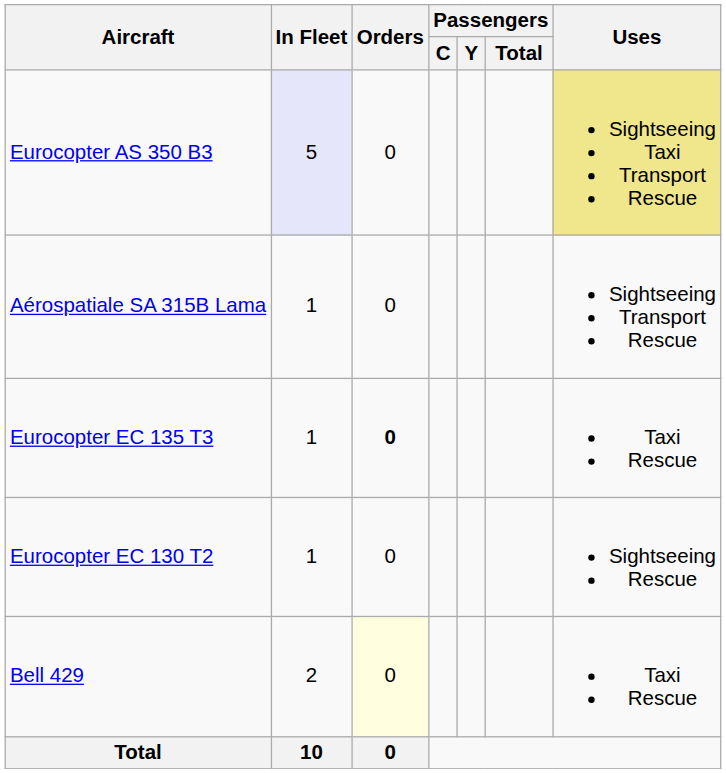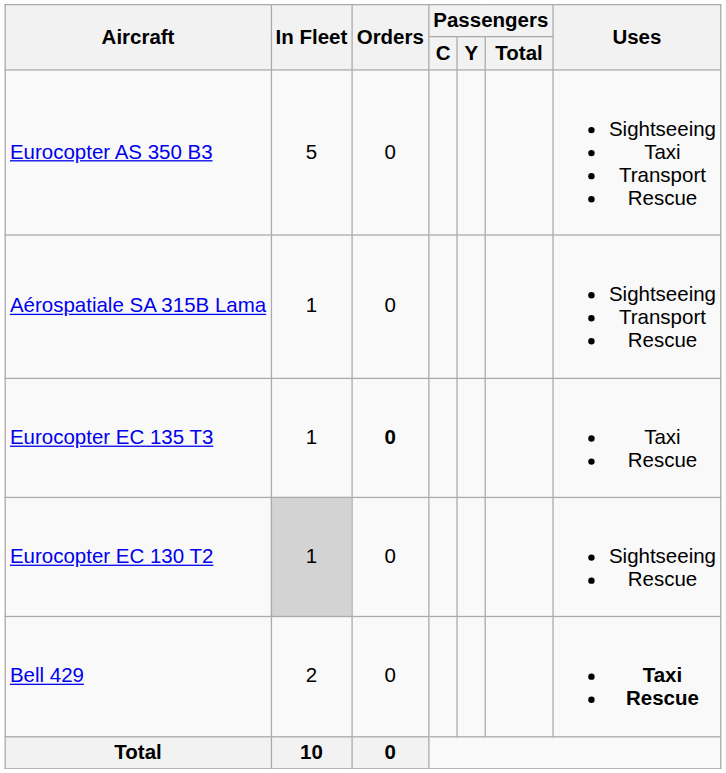 <table class="wikitable" style="margin:1em auto; border-collapse:collapse; text-align: center">
 <tr>
 <th rowspan=2>Aircraft</th>
 <th rowspan=2>In Fleet</th>
 <th rowspan=2>Orders</th>
 <th colspan=3>Passengers</th>
 <th rowspan=2>Uses</th>
 </tr>
 <tr>
 <th><abbr>C</abbr></th>
 <th><abbr>Y</abbr></th>
 <th>Total</th>
 </tr>
 <tr>
 <td align=left><a href='#'>Eurocopter AS 350 B3</a></td>
-<td style="background: lavender;">5</td>
+<td>5</td>
 <td>0</td>
 <td></td>
 <td></td>
 <td></td>
-<td style="background: khaki;"><br><ul><li>Sightseeing</li><li>Taxi</li><li>Transport</li><li>Rescue</li></ul></td>
+<td><br><ul><li>Sightseeing</li><li>Taxi</li><li>Transport</li><li>Rescue</li></ul></td>
 </tr>
 <tr>
 <td align=left><a href='#'>Aérospatiale SA 315B Lama</a></td>
 <td>1</td>
 <td>0</td>
 <td></td>
 <td></td>
 <td></td>
 <td><br><ul><li>Sightseeing</li><li>Transport</li><li>Rescue</li></ul></td>
 </tr>
 <tr>
 <td align=left><a href='#'>Eurocopter EC 135 T3</a></td>
 <td>1</td>
 <td><strong>0</strong></td>
 <td></td>
 <td></td>
 <td></td>
 <td><br><ul><li>Taxi</li><li>Rescue</li></ul></td>
 </tr>
 <tr>
 <td align=left><a href='#'>Eurocopter EC 130 T2</a></td>
-<td>1</td>
+<td style="background: lightgrey;">1</td>
 <td>0</td>
 <td></td>
 <td></td>
 <td></td>
 <td><br><ul><li>Sightseeing</li><li>Rescue</li></ul></td>
 </tr>
 <tr>
 <td align=left><a href='#'>Bell 429</a></td>
 <td>2</td>
-<td style="background: lightyellow;">0</td>
+<td>0</td>
 <td></td>
 <td></td>
 <td></td>
-<td><br><ul><li>Taxi</li><li>Rescue</li></ul></td>
+<td><strong><br><ul><li>Taxi</li><li>Rescue</li></ul></strong></td>
 </tr>
 <tr>
 <th>Total</th>
 <th>10</th>
 <th>0</th>
 <td colspan="10"></td>
 </tr>
 </table>
